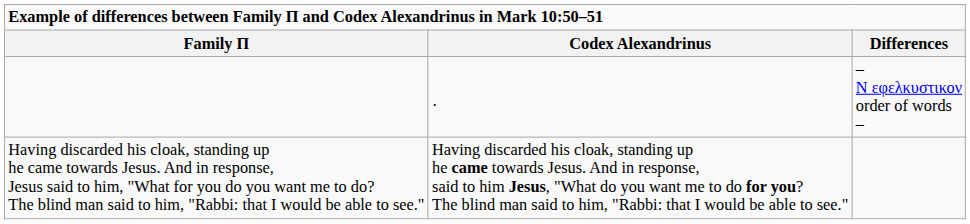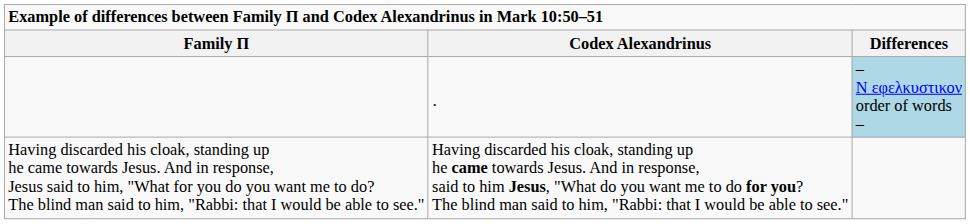 <table class="wikitable">
 <tr>
 <td colspan=3><strong>Example of differences between Family Π and Codex Alexandrinus in Mark 10:50–51</strong></td>
 </tr>
 <tr>
 <th>Family Π</th>
 <th>Codex Alexandrinus</th>
 <th>Differences</th>
 </tr>
 <tr>
 <td></td>
 <td> <br> <strong></strong>  <strong></strong>  <strong></strong>· <br> </td>
-<td>– <br> <a href='#'>Ν εφελκυστικον</a> <br> order of words <br> – <br></td>
+<td style="background: lightblue;">– <br> <a href='#'>Ν εφελκυστικον</a> <br> order of words <br> – <br></td>
 </tr>
 <tr>
 <td>Having discarded his cloak, standing up <br> he came towards Jesus. And in response, <br> Jesus said to him, "What for you do you want me to do?<br> The blind man said to him, "Rabbi: that I would be able to see."</td>
 <td>Having discarded his cloak, standing up <br> he <strong>came</strong> towards Jesus. And in response, <br> said to him <strong>Jesus</strong>, "What do you want me to do <strong>for you</strong>? <br> The blind man said to him, "Rabbi: that I would be able to see."</td>
 </tr>
 </table>
